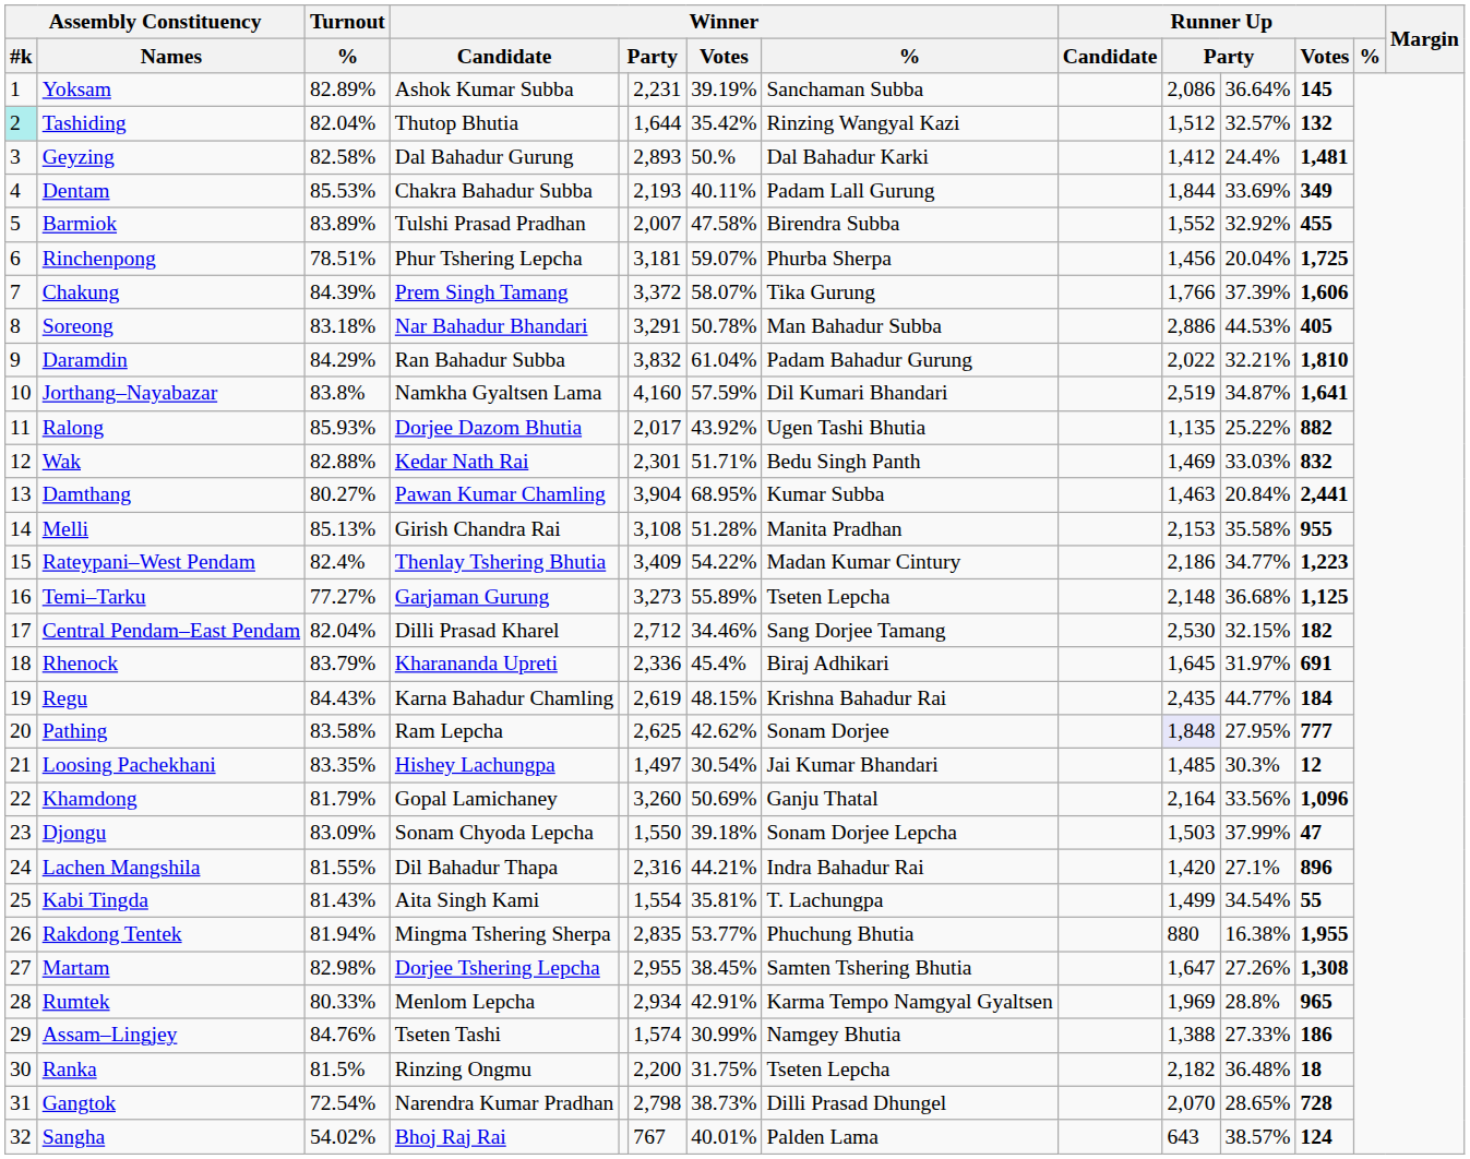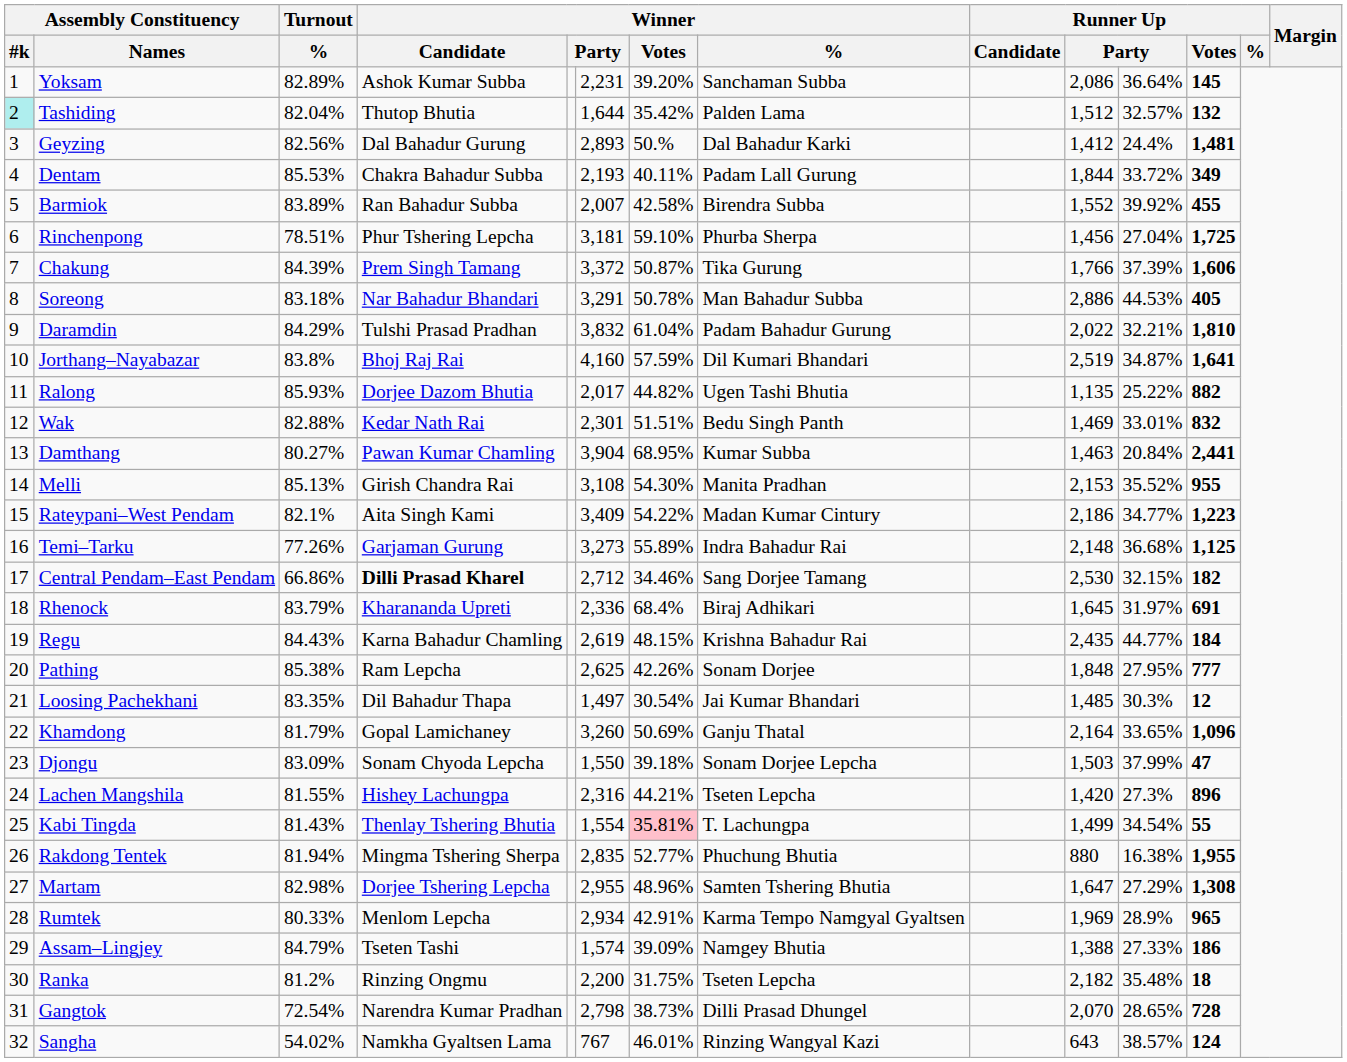 <table class="wikitable sortable">
 <tr>
 <th colspan="2">Assembly Constituency</th>
 <th>Turnout</th>
 <th colspan="5">Winner</th>
 <th colspan="5">Runner Up</th>
 <th rowspan="2" data-sort-type=number>Margin</th>
 </tr>
 <tr>
 <th>#k</th>
 <th>Names</th>
 <th>%</th>
 <th>Candidate</th>
 <th colspan="2">Party</th>
 <th data-sort-type=number>Votes</th>
 <th>%</th>
 <th>Candidate</th>
 <th colspan="2">Party</th>
 <th data-sort-type=number>Votes</th>
 <th>%</th>
 </tr>
 <tr>
 <td>1</td>
 <td><a href='#'>Yoksam</a></td>
 <td>82.89%</td>
 <td>Ashok Kumar Subba</td>
 <td></td>
 <td>2,231</td>
-<td>39.19%</td>
+<td>39.20%</td>
 <td>Sanchaman Subba</td>
 <td></td>
 <td>2,086</td>
 <td>36.64%</td>
 <td style="background:"><span><strong>145</strong></span></td>
 </tr>
 <tr>
 <td style="background: paleturquoise;">2</td>
 <td><a href='#'>Tashiding</a></td>
 <td>82.04%</td>
 <td>Thutop Bhutia</td>
 <td></td>
 <td>1,644</td>
 <td>35.42%</td>
-<td>Rinzing Wangyal Kazi</td>
+<td>Palden Lama</td>
 <td></td>
 <td>1,512</td>
 <td>32.57%</td>
 <td style="background:"><span><strong>132</strong></span></td>
 </tr>
 <tr>
 <td>3</td>
 <td><a href='#'>Geyzing</a></td>
-<td>82.58%</td>
+<td>82.56%</td>
 <td>Dal Bahadur Gurung</td>
 <td></td>
 <td>2,893</td>
 <td>50.%</td>
 <td>Dal Bahadur Karki</td>
 <td></td>
 <td>1,412</td>
 <td>24.4%</td>
 <td style="background:"><span><strong>1,481</strong></span></td>
 </tr>
 <tr>
 <td>4</td>
 <td><a href='#'>Dentam</a></td>
 <td>85.53%</td>
 <td>Chakra Bahadur Subba</td>
 <td></td>
 <td>2,193</td>
 <td>40.11%</td>
 <td>Padam Lall Gurung</td>
 <td></td>
 <td>1,844</td>
-<td>33.69%</td>
+<td>33.72%</td>
 <td style="background:"><span><strong>349</strong></span></td>
 </tr>
 <tr>
 <td>5</td>
 <td><a href='#'>Barmiok</a></td>
 <td>83.89%</td>
-<td>Tulshi Prasad Pradhan</td>
+<td>Ran Bahadur Subba</td>
 <td></td>
 <td>2,007</td>
-<td>47.58%</td>
+<td>42.58%</td>
 <td>Birendra Subba</td>
 <td></td>
 <td>1,552</td>
-<td>32.92%</td>
+<td>39.92%</td>
 <td style="background:"><span><strong>455</strong></span></td>
 </tr>
 <tr>
 <td>6</td>
 <td><a href='#'>Rinchenpong</a></td>
 <td>78.51%</td>
 <td>Phur Tshering  Lepcha</td>
 <td></td>
 <td>3,181</td>
-<td>59.07%</td>
+<td>59.10%</td>
 <td>Phurba Sherpa</td>
 <td></td>
 <td>1,456</td>
-<td>20.04%</td>
+<td>27.04%</td>
 <td style="background:"><span><strong>1,725</strong></span></td>
 </tr>
 <tr>
 <td>7</td>
 <td><a href='#'>Chakung</a></td>
 <td>84.39%</td>
 <td><a href='#'>Prem Singh Tamang</a></td>
 <td></td>
 <td>3,372</td>
-<td>58.07%</td>
+<td>50.87%</td>
 <td>Tika Gurung</td>
 <td></td>
 <td>1,766</td>
 <td>37.39%</td>
 <td style="background:"><span><strong>1,606</strong></span></td>
 </tr>
 <tr>
 <td>8</td>
 <td><a href='#'>Soreong</a></td>
 <td>83.18%</td>
 <td><a href='#'>Nar Bahadur Bhandari</a></td>
 <td></td>
 <td>3,291</td>
 <td>50.78%</td>
 <td>Man Bahadur Subba</td>
 <td></td>
 <td>2,886</td>
 <td>44.53%</td>
 <td style="background:"><span><strong>405</strong></span></td>
 </tr>
 <tr>
 <td>9</td>
 <td><a href='#'>Daramdin</a></td>
 <td>84.29%</td>
-<td>Ran Bahadur Subba</td>
+<td>Tulshi Prasad Pradhan</td>
 <td></td>
 <td>3,832</td>
 <td>61.04%</td>
 <td>Padam Bahadur Gurung</td>
 <td></td>
 <td>2,022</td>
 <td>32.21%</td>
 <td style="background:"><span><strong>1,810</strong></span></td>
 </tr>
 <tr>
 <td>10</td>
 <td><a href='#'>Jorthang–Nayabazar</a></td>
 <td>83.8%</td>
-<td>Namkha Gyaltsen Lama</td>
+<td><a href='#'>Bhoj Raj Rai</a></td>
 <td></td>
 <td>4,160</td>
 <td>57.59%</td>
 <td>Dil Kumari Bhandari</td>
 <td></td>
 <td>2,519</td>
 <td>34.87%</td>
 <td style="background:"><span><strong>1,641</strong></span></td>
 </tr>
 <tr>
 <td>11</td>
 <td><a href='#'>Ralong</a></td>
 <td>85.93%</td>
 <td><a href='#'>Dorjee Dazom Bhutia</a></td>
 <td></td>
 <td>2,017</td>
-<td>43.92%</td>
+<td>44.82%</td>
 <td>Ugen Tashi Bhutia</td>
 <td></td>
 <td>1,135</td>
 <td>25.22%</td>
 <td style="background:"><span><strong>882</strong></span></td>
 </tr>
 <tr>
 <td>12</td>
 <td><a href='#'>Wak</a></td>
 <td>82.88%</td>
 <td><a href='#'>Kedar Nath Rai</a></td>
 <td></td>
 <td>2,301</td>
-<td>51.71%</td>
+<td>51.51%</td>
 <td>Bedu Singh Panth</td>
 <td></td>
 <td>1,469</td>
-<td>33.03%</td>
+<td>33.01%</td>
 <td style="background:"><span><strong>832</strong></span></td>
 </tr>
 <tr>
 <td>13</td>
 <td><a href='#'>Damthang</a></td>
 <td>80.27%</td>
 <td><a href='#'>Pawan Kumar Chamling</a></td>
 <td></td>
 <td>3,904</td>
 <td>68.95%</td>
 <td>Kumar Subba</td>
 <td></td>
 <td>1,463</td>
 <td>20.84%</td>
 <td style="background:"><span><strong>2,441</strong></span></td>
 </tr>
 <tr>
 <td>14</td>
 <td><a href='#'>Melli</a></td>
 <td>85.13%</td>
 <td>Girish Chandra Rai</td>
 <td></td>
 <td>3,108</td>
-<td>51.28%</td>
+<td>54.30%</td>
 <td>Manita Pradhan</td>
 <td></td>
 <td>2,153</td>
-<td>35.58%</td>
+<td>35.52%</td>
 <td style="background:"><span><strong>955</strong></span></td>
 </tr>
 <tr>
 <td>15</td>
 <td><a href='#'>Rateypani–West Pendam</a></td>
-<td>82.4%</td>
-<td><a href='#'>Thenlay Tshering Bhutia</a></td>
+<td>82.1%</td>
+<td>Aita Singh Kami</td>
 <td></td>
 <td>3,409</td>
 <td>54.22%</td>
 <td>Madan Kumar Cintury</td>
 <td></td>
 <td>2,186</td>
 <td>34.77%</td>
 <td style="background:"><span><strong>1,223</strong></span></td>
 </tr>
 <tr>
 <td>16</td>
 <td><a href='#'>Temi–Tarku</a></td>
-<td>77.27%</td>
+<td>77.26%</td>
 <td><a href='#'>Garjaman Gurung</a></td>
 <td></td>
 <td>3,273</td>
 <td>55.89%</td>
-<td>Tseten Lepcha</td>
+<td>Indra Bahadur Rai</td>
 <td></td>
 <td>2,148</td>
 <td>36.68%</td>
 <td style="background:"><span><strong>1,125</strong></span></td>
 </tr>
 <tr>
 <td>17</td>
 <td><a href='#'>Central Pendam–East Pendam</a></td>
-<td>82.04%</td>
-<td>Dilli Prasad Kharel</td>
+<td>66.86%</td>
+<td><strong>Dilli Prasad Kharel</strong></td>
 <td></td>
 <td>2,712</td>
 <td>34.46%</td>
 <td>Sang Dorjee Tamang</td>
 <td></td>
 <td>2,530</td>
 <td>32.15%</td>
 <td style="background:"><span><strong>182</strong></span></td>
 </tr>
 <tr>
 <td>18</td>
 <td><a href='#'>Rhenock</a></td>
 <td>83.79%</td>
 <td><a href='#'>Kharananda Upreti</a></td>
 <td></td>
 <td>2,336</td>
-<td>45.4%</td>
+<td>68.4%</td>
 <td>Biraj Adhikari</td>
 <td></td>
 <td>1,645</td>
 <td>31.97%</td>
 <td style="background:"><span><strong>691</strong></span></td>
 </tr>
 <tr>
 <td>19</td>
 <td><a href='#'>Regu</a></td>
 <td>84.43%</td>
 <td>Karna Bahadur Chamling</td>
 <td></td>
 <td>2,619</td>
 <td>48.15%</td>
 <td>Krishna Bahadur Rai</td>
 <td></td>
 <td>2,435</td>
 <td>44.77%</td>
 <td style="background:"><span><strong>184</strong></span></td>
 </tr>
 <tr>
 <td>20</td>
 <td><a href='#'>Pathing</a></td>
-<td>83.58%</td>
+<td>85.38%</td>
 <td>Ram Lepcha</td>
 <td></td>
 <td>2,625</td>
-<td>42.62%</td>
+<td>42.26%</td>
 <td>Sonam Dorjee</td>
 <td></td>
-<td style="background: lavender;">1,848</td>
+<td>1,848</td>
 <td>27.95%</td>
 <td style="background:"><span><strong>777</strong></span></td>
 </tr>
 <tr>
 <td>21</td>
 <td><a href='#'>Loosing Pachekhani</a></td>
 <td>83.35%</td>
-<td><a href='#'>Hishey Lachungpa</a></td>
+<td>Dil Bahadur Thapa</td>
 <td></td>
 <td>1,497</td>
 <td>30.54%</td>
 <td>Jai Kumar Bhandari</td>
 <td></td>
 <td>1,485</td>
 <td>30.3%</td>
 <td style="background:"><span><strong>12</strong></span></td>
 </tr>
 <tr>
 <td>22</td>
 <td><a href='#'>Khamdong</a></td>
 <td>81.79%</td>
 <td>Gopal Lamichaney</td>
 <td></td>
 <td>3,260</td>
 <td>50.69%</td>
 <td>Ganju Thatal</td>
 <td></td>
 <td>2,164</td>
-<td>33.56%</td>
+<td>33.65%</td>
 <td style="background:"><span><strong>1,096</strong></span></td>
 </tr>
 <tr>
 <td>23</td>
 <td><a href='#'>Djongu</a></td>
 <td>83.09%</td>
 <td>Sonam Chyoda Lepcha</td>
 <td></td>
 <td>1,550</td>
 <td>39.18%</td>
 <td>Sonam Dorjee Lepcha</td>
 <td></td>
 <td>1,503</td>
 <td>37.99%</td>
 <td style="background:"><span><strong>47</strong></span></td>
 </tr>
 <tr>
 <td>24</td>
 <td><a href='#'>Lachen Mangshila</a></td>
 <td>81.55%</td>
-<td>Dil Bahadur Thapa</td>
+<td><a href='#'>Hishey Lachungpa</a></td>
 <td></td>
 <td>2,316</td>
 <td>44.21%</td>
-<td>Indra Bahadur Rai</td>
+<td>Tseten Lepcha</td>
 <td></td>
 <td>1,420</td>
-<td>27.1%</td>
+<td>27.3%</td>
 <td style="background:"><span><strong>896</strong></span></td>
 </tr>
 <tr>
 <td>25</td>
 <td><a href='#'>Kabi Tingda</a></td>
 <td>81.43%</td>
-<td>Aita Singh Kami</td>
+<td><a href='#'>Thenlay Tshering Bhutia</a></td>
 <td></td>
 <td>1,554</td>
-<td>35.81%</td>
+<td style="background: pink;">35.81%</td>
 <td>T. Lachungpa</td>
 <td></td>
 <td>1,499</td>
 <td>34.54%</td>
 <td style="background:"><span><strong>55</strong></span></td>
 </tr>
 <tr>
 <td>26</td>
 <td><a href='#'>Rakdong Tentek</a></td>
 <td>81.94%</td>
 <td>Mingma Tshering Sherpa</td>
 <td></td>
 <td>2,835</td>
-<td>53.77%</td>
+<td>52.77%</td>
 <td>Phuchung Bhutia</td>
 <td></td>
 <td>880</td>
 <td>16.38%</td>
 <td style="background:"><span><strong>1,955</strong></span></td>
 </tr>
 <tr>
 <td>27</td>
 <td><a href='#'>Martam</a></td>
 <td>82.98%</td>
 <td><a href='#'>Dorjee Tshering Lepcha</a></td>
 <td></td>
 <td>2,955</td>
-<td>38.45%</td>
+<td>48.96%</td>
 <td>Samten Tshering Bhutia</td>
 <td></td>
 <td>1,647</td>
-<td>27.26%</td>
+<td>27.29%</td>
 <td style="background:"><span><strong>1,308</strong></span></td>
 </tr>
 <tr>
 <td>28</td>
 <td><a href='#'>Rumtek</a></td>
 <td>80.33%</td>
 <td>Menlom Lepcha</td>
 <td></td>
 <td>2,934</td>
 <td>42.91%</td>
 <td>Karma Tempo Namgyal Gyaltsen</td>
 <td></td>
 <td>1,969</td>
-<td>28.8%</td>
+<td>28.9%</td>
 <td style="background:"><span><strong>965</strong></span></td>
 </tr>
 <tr>
 <td>29</td>
 <td><a href='#'>Assam–Lingjey</a></td>
-<td>84.76%</td>
+<td>84.79%</td>
 <td>Tseten Tashi</td>
 <td></td>
 <td>1,574</td>
-<td>30.99%</td>
+<td>39.09%</td>
 <td>Namgey Bhutia</td>
 <td></td>
 <td>1,388</td>
 <td>27.33%</td>
 <td style="background:"><span><strong>186</strong></span></td>
 </tr>
 <tr>
 <td>30</td>
 <td><a href='#'>Ranka</a></td>
-<td>81.5%</td>
+<td>81.2%</td>
 <td>Rinzing Ongmu</td>
 <td></td>
 <td>2,200</td>
 <td>31.75%</td>
 <td>Tseten Lepcha</td>
 <td></td>
 <td>2,182</td>
-<td>36.48%</td>
+<td>35.48%</td>
 <td style="background:"><span><strong>18</strong></span></td>
 </tr>
 <tr>
 <td>31</td>
 <td><a href='#'>Gangtok</a></td>
 <td>72.54%</td>
 <td>Narendra Kumar Pradhan</td>
 <td></td>
 <td>2,798</td>
 <td>38.73%</td>
 <td>Dilli Prasad Dhungel</td>
 <td></td>
 <td>2,070</td>
 <td>28.65%</td>
 <td style="background:"><span><strong>728</strong></span></td>
 </tr>
 <tr>
 <td>32</td>
 <td><a href='#'>Sangha</a></td>
 <td>54.02%</td>
-<td><a href='#'>Bhoj Raj Rai</a></td>
+<td>Namkha Gyaltsen Lama</td>
 <td></td>
 <td>767</td>
-<td>40.01%</td>
-<td>Palden Lama</td>
+<td>46.01%</td>
+<td>Rinzing Wangyal Kazi</td>
 <td></td>
 <td>643</td>
 <td>38.57%</td>
 <td style="background:"><span><strong>124</strong></span></td>
 </tr>
 </table>
